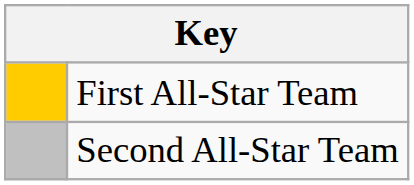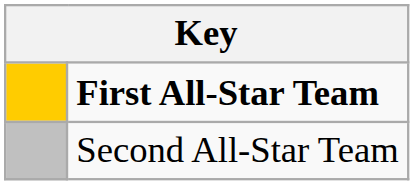 <table class="wikitable" style="text-align: center;">
 <tr>
 <th colspan=2>Key</th>
 </tr>
 <tr>
 <td style="background:#FFCC00; width:20px;"></td>
-<td align=left>First All-Star Team</td>
+<td align=left><strong>First All-Star Team</strong></td>
 </tr>
 <tr>
 <td style="background:#C0C0C0; width:20px;"></td>
 <td align=left>Second All-Star Team</td>
 </tr>
 </table>
